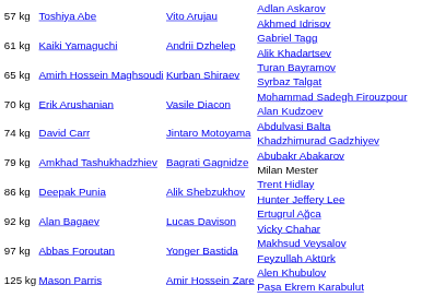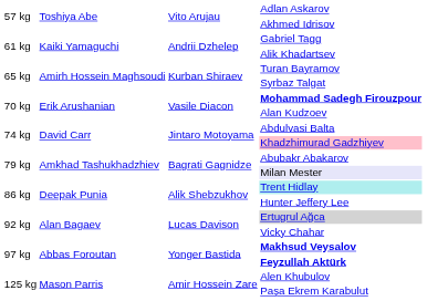 <table>
 <tr>
 <td rowspan=2>57 kg</td>
 <td rowspan=2> <a href='#'>Toshiya Abe</a></td>
 <td rowspan=2> <a href='#'>Vito Arujau</a></td>
 <td> <a href='#'>Adlan Askarov</a></td>
 </tr>
 <tr>
 <td> <a href='#'>Akhmed Idrisov</a></td>
 </tr>
 <tr>
 <td rowspan=2>61 kg</td>
 <td rowspan=2> <a href='#'>Kaiki Yamaguchi</a></td>
 <td rowspan=2> <a href='#'>Andrii Dzhelep</a></td>
 <td> <a href='#'>Gabriel Tagg</a></td>
 </tr>
 <tr>
 <td> <a href='#'>Alik Khadartsev</a></td>
 </tr>
 <tr>
 <td rowspan=2>65 kg</td>
 <td rowspan=2> <a href='#'>Amirh Hossein Maghsoudi</a></td>
 <td rowspan=2> <a href='#'>Kurban Shiraev</a></td>
 <td> <a href='#'>Turan Bayramov</a></td>
 </tr>
 <tr>
 <td> <a href='#'>Syrbaz Talgat</a></td>
 </tr>
 <tr>
 <td rowspan=2>70 kg</td>
 <td rowspan=2> <a href='#'>Erik Arushanian</a></td>
 <td rowspan=2> <a href='#'>Vasile Diacon</a></td>
-<td> <a href='#'>Mohammad Sadegh Firouzpour</a></td>
+<td><strong> <a href='#'>Mohammad Sadegh Firouzpour</a></strong></td>
 </tr>
 <tr>
 <td> <a href='#'>Alan Kudzoev</a></td>
 </tr>
 <tr>
 <td rowspan=2>74 kg</td>
 <td rowspan=2> <a href='#'>David Carr</a></td>
 <td rowspan=2> <a href='#'>Jintaro Motoyama</a></td>
 <td> <a href='#'>Abdulvasi Balta</a></td>
 </tr>
 <tr>
-<td> <a href='#'>Khadzhimurad Gadzhiyev</a></td>
+<td style="background: pink;"> <a href='#'>Khadzhimurad Gadzhiyev</a></td>
 </tr>
 <tr>
 <td rowspan=2>79 kg</td>
 <td rowspan=2> <a href='#'>Amkhad Tashukhadzhiev</a></td>
 <td rowspan=2> <a href='#'>Bagrati Gagnidze</a></td>
 <td> <a href='#'>Abubakr Abakarov</a></td>
 </tr>
 <tr>
-<td> Milan Mester</td>
+<td style="background: lavender;"> Milan Mester</td>
 </tr>
 <tr>
 <td rowspan=2>86 kg</td>
 <td rowspan=2> <a href='#'>Deepak Punia</a></td>
 <td rowspan=2> <a href='#'>Alik Shebzukhov</a></td>
-<td> <a href='#'>Trent Hidlay</a></td>
+<td style="background: paleturquoise;"> <a href='#'>Trent Hidlay</a></td>
 </tr>
 <tr>
 <td> <a href='#'>Hunter Jeffery Lee</a></td>
 </tr>
 <tr>
 <td rowspan=2>92 kg</td>
 <td rowspan=2> <a href='#'>Alan Bagaev</a></td>
 <td rowspan=2> <a href='#'>Lucas Davison</a></td>
-<td> <a href='#'>Ertugrul Ağca</a></td>
+<td style="background: lightgrey;"> <a href='#'>Ertugrul Ağca</a></td>
 </tr>
 <tr>
 <td> <a href='#'>Vicky Chahar</a></td>
 </tr>
 <tr>
 <td rowspan=2>97 kg</td>
 <td rowspan=2> <a href='#'>Abbas Foroutan</a></td>
 <td rowspan=2> <a href='#'>Yonger Bastida</a></td>
-<td> <a href='#'>Makhsud Veysalov</a></td>
+<td><strong> <a href='#'>Makhsud Veysalov</a></strong></td>
 </tr>
 <tr>
-<td> <a href='#'>Feyzullah Aktürk</a></td>
+<td><strong> <a href='#'>Feyzullah Aktürk</a></strong></td>
 </tr>
 <tr>
 <td rowspan=2>125 kg</td>
 <td rowspan=2> <a href='#'>Mason Parris</a></td>
 <td rowspan=2> <a href='#'>Amir Hossein Zare</a></td>
 <td> <a href='#'>Alen Khubulov</a></td>
 </tr>
 <tr>
 <td> <a href='#'>Paşa Ekrem Karabulut</a></td>
 </tr>
 </table>
